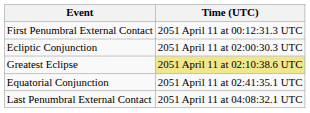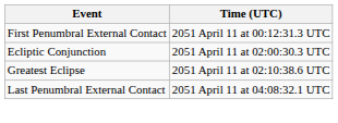 <table class="wikitable">
 <tr>
 <th>Event</th>
 <th>Time (UTC)</th>
 </tr>
 <tr>
 <td>First Penumbral External Contact</td>
 <td>2051 April 11 at 00:12:31.3 UTC</td>
 </tr>
 <tr>
 <td>Ecliptic Conjunction</td>
 <td>2051 April 11 at 02:00:30.3 UTC</td>
 </tr>
 <tr>
 <td>Greatest Eclipse</td>
-<td style="background: khaki;">2051 April 11 at 02:10:38.6 UTC</td>
-</tr>
-<tr>
-<td>Equatorial Conjunction</td>
-<td>2051 April 11 at 02:41:35.1 UTC</td>
+<td>2051 April 11 at 02:10:38.6 UTC</td>
 </tr>
 <tr>
 <td>Last Penumbral External Contact</td>
 <td>2051 April 11 at 04:08:32.1 UTC</td>
 </tr>
 </table>
